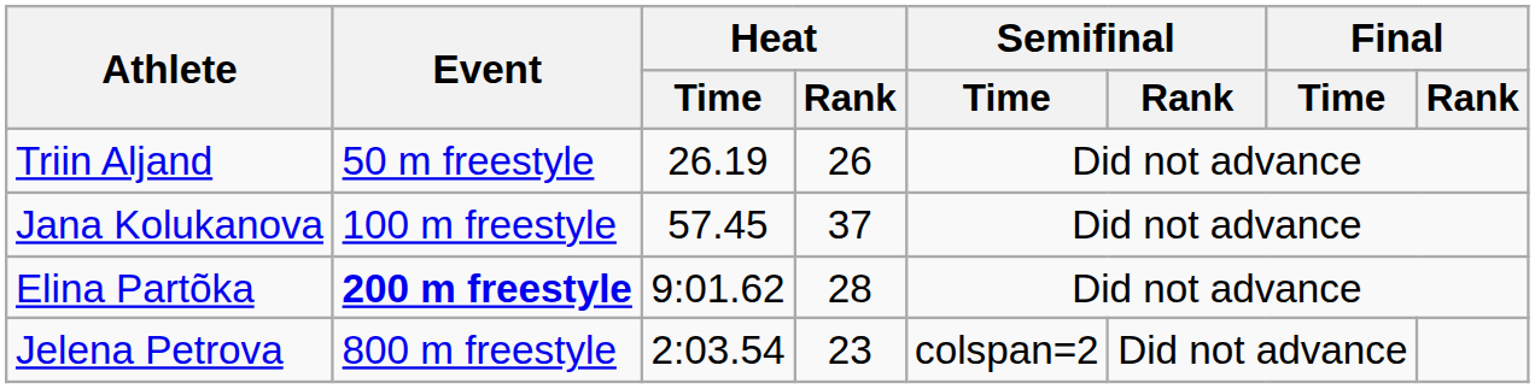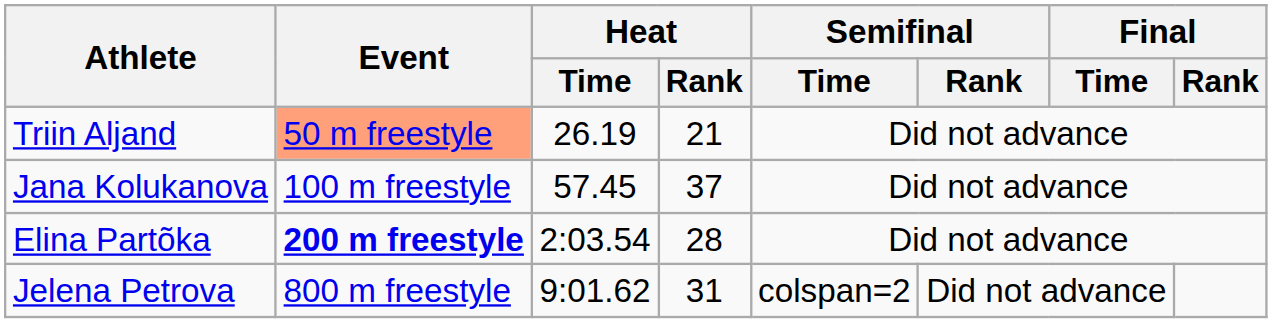 <table class=wikitable style="font-size:90%">
 <tr>
 <th rowspan="2">Athlete</th>
 <th rowspan="2">Event</th>
 <th colspan="2">Heat</th>
 <th colspan="2">Semifinal</th>
 <th colspan="2">Final</th>
 </tr>
 <tr style="font-size:95%">
 <th>Time</th>
 <th>Rank</th>
 <th>Time</th>
 <th>Rank</th>
 <th>Time</th>
 <th>Rank</th>
 </tr>
 <tr align=center>
 <td align=left><a href='#'>Triin Aljand</a></td>
-<td align=left><a href='#'>50 m freestyle</a></td>
+<td align=left style="background: lightsalmon;"><a href='#'>50 m freestyle</a></td>
 <td>26.19</td>
-<td>26</td>
+<td>21</td>
 <td colspan=4>Did not advance</td>
 </tr>
 <tr align=center>
 <td align=left><a href='#'>Jana Kolukanova</a></td>
 <td align=left><a href='#'>100 m freestyle</a></td>
 <td>57.45</td>
 <td>37</td>
 <td colspan=4>Did not advance</td>
 </tr>
 <tr align=center>
 <td align=left><a href='#'>Elina Partõka</a></td>
 <td align=left><strong><a href='#'>200 m freestyle</a></strong></td>
-<td>9:01.62</td>
+<td>2:03.54</td>
 <td>28</td>
 <td colspan=4>Did not advance</td>
 </tr>
 <tr align=center>
 <td align=left><a href='#'>Jelena Petrova</a></td>
 <td align=left><a href='#'>800 m freestyle</a></td>
-<td>2:03.54</td>
-<td>23</td>
+<td>9:01.62</td>
+<td>31</td>
 <td>colspan=2 </td>
 <td colspan=2>Did not advance</td>
 </tr>
 </table>
